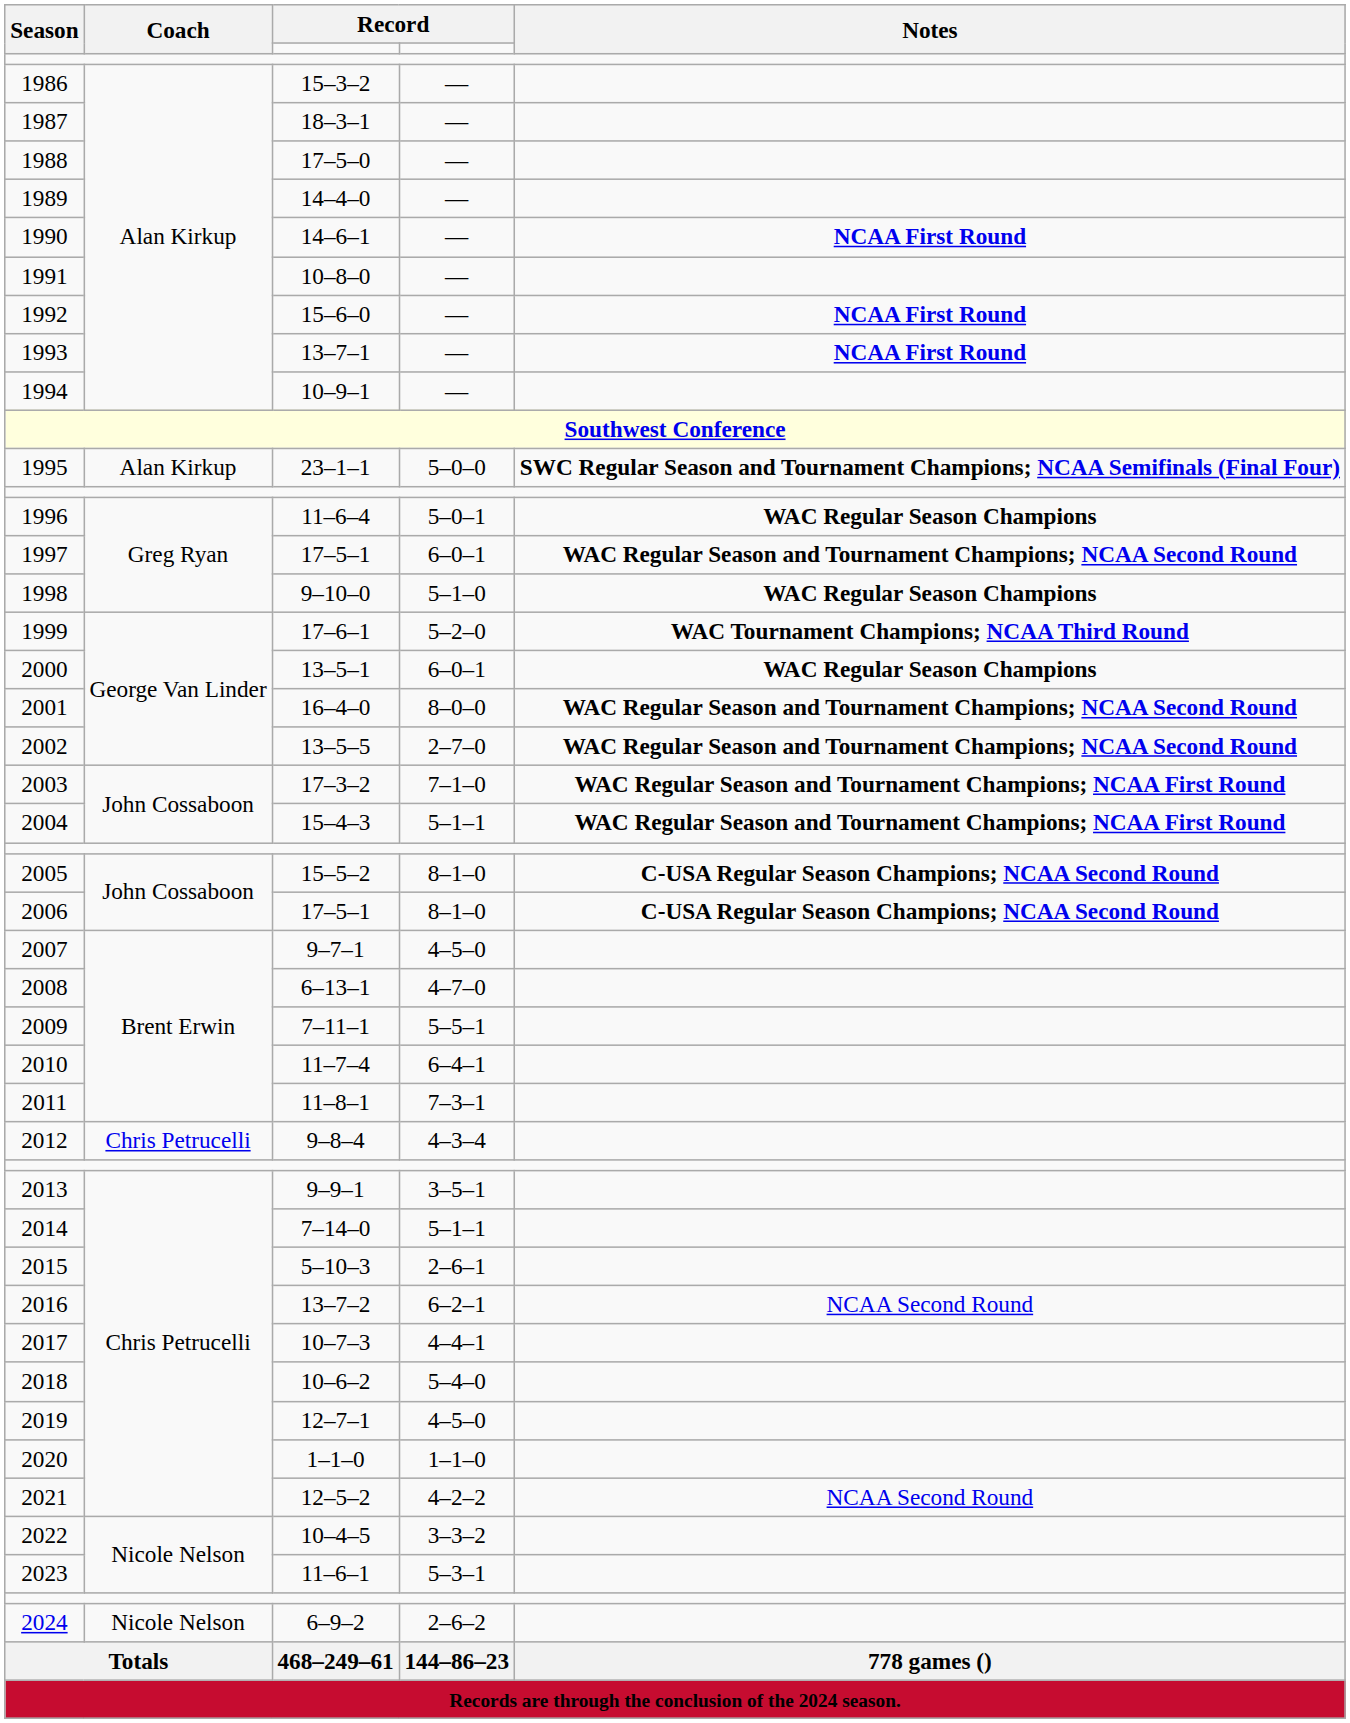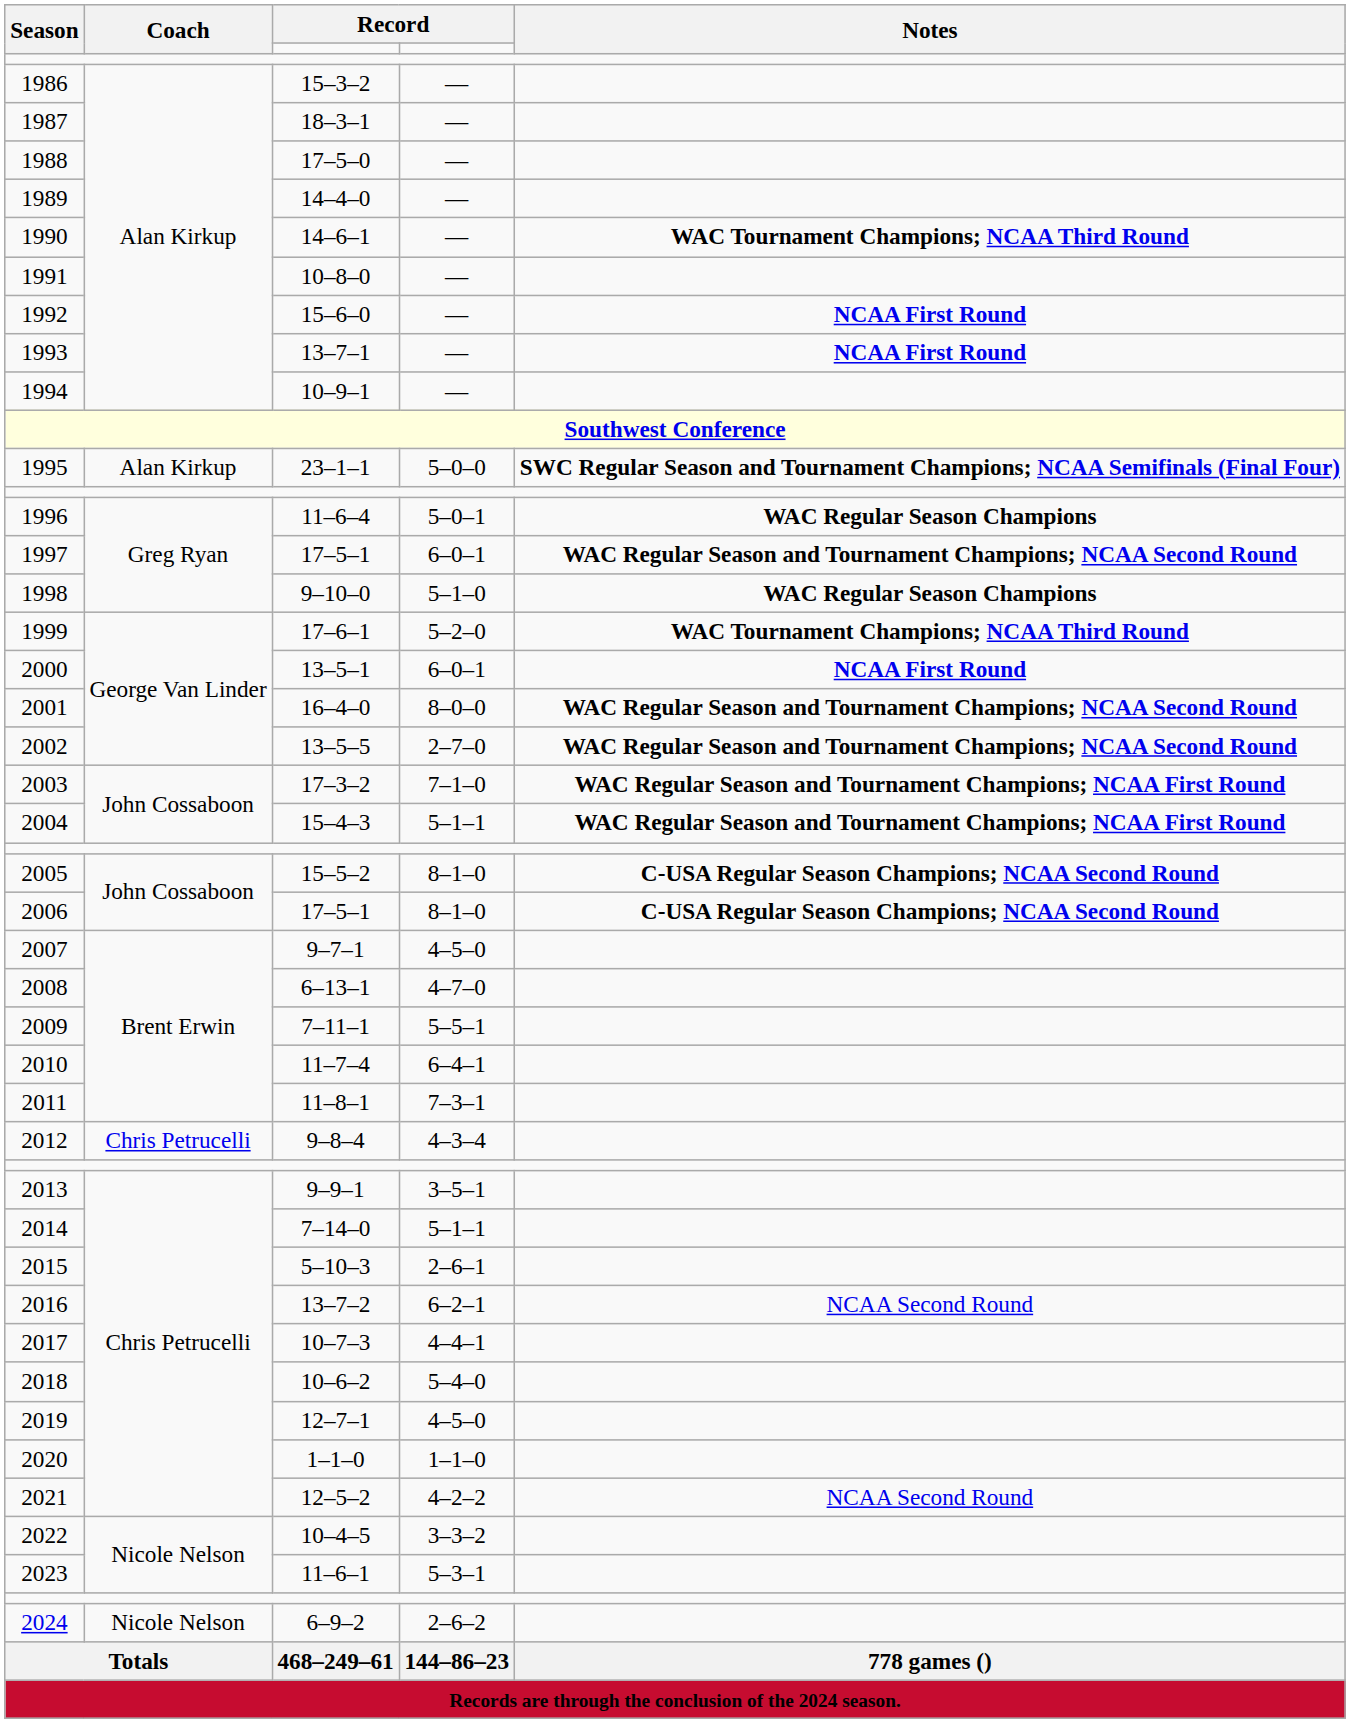 <table class="wikitable" style="font-size: 95%">
 <tr>
 <th rowspan="2">Season</th>
 <th rowspan="2">Coach</th>
 <th colspan="2">Record</th>
 <th rowspan="2">Notes</th>
 </tr>
 <tr>
 <td></td>
 <td></td>
 </tr>
 <tr>
 <td colspan=5><strong><a href='#'></a></strong></td>
 </tr>
 <tr>
 <td align="center">1986</td>
 <td align="center" rowspan=9>Alan Kirkup</td>
 <td align="center">15–3–2</td>
 <td align="center">—</td>
 <td align="center"></td>
 </tr>
 <tr>
 <td align="center">1987</td>
 <td align="center">18–3–1</td>
 <td align="center">—</td>
 <td align="center"></td>
 </tr>
 <tr>
 <td align="center">1988</td>
 <td align="center">17–5–0</td>
 <td align="center">—</td>
 <td align="center"></td>
 </tr>
 <tr>
 <td align="center">1989</td>
 <td align="center">14–4–0</td>
 <td align="center">—</td>
 <td align="center"></td>
 </tr>
 <tr>
 <td align="center">1990</td>
 <td align="center">14–6–1</td>
 <td align="center">—</td>
-<td align="center"><strong><a href='#'>NCAA First Round</a></strong></td>
+<td align="center"><strong>WAC Tournament Champions; <a href='#'>NCAA Third Round</a></strong></td>
 </tr>
 <tr>
 <td align="center">1991</td>
 <td align="center">10–8–0</td>
 <td align="center">—</td>
 <td align="center"></td>
 </tr>
 <tr>
 <td align="center">1992</td>
 <td align="center">15–6–0</td>
 <td align="center">—</td>
 <td align="center"><strong><a href='#'>NCAA First Round</a></strong></td>
 </tr>
 <tr>
 <td align="center">1993</td>
 <td align="center">13–7–1</td>
 <td align="center">—</td>
 <td align="center"><strong><a href='#'>NCAA First Round</a></strong></td>
 </tr>
 <tr>
 <td align="center">1994</td>
 <td align="center">10–9–1</td>
 <td align="center">—</td>
 <td align="center"></td>
 </tr>
 <tr style="background: #ffffdd;">
 <td colspan="5" style="text-align:center;"><strong><a href='#'>Southwest Conference</a></strong></td>
 </tr>
 <tr>
 <td align="center">1995</td>
 <td align="center" rowspan=1>Alan Kirkup</td>
 <td align="center">23–1–1</td>
 <td align="center">5–0–0</td>
 <td align="center"><strong>SWC Regular Season and Tournament Champions; <a href='#'>NCAA Semifinals (Final Four)</a></strong></td>
 </tr>
 <tr>
 <td colspan=5><strong><a href='#'></a></strong></td>
 </tr>
 <tr>
 <td align="center">1996</td>
 <td align="center" rowspan=3>Greg Ryan</td>
 <td align="center">11–6–4</td>
 <td align="center">5–0–1</td>
 <td align="center"><strong>WAC Regular Season Champions</strong></td>
 </tr>
 <tr>
 <td align="center">1997</td>
 <td align="center">17–5–1</td>
 <td align="center">6–0–1</td>
 <td align="center"><strong>WAC Regular Season and Tournament Champions; <a href='#'>NCAA Second Round</a></strong></td>
 </tr>
 <tr>
 <td align="center">1998</td>
 <td align="center">9–10–0</td>
 <td align="center">5–1–0</td>
 <td align="center"><strong>WAC Regular Season Champions</strong></td>
 </tr>
 <tr>
 <td align="center">1999</td>
 <td align="center" rowspan=4>George Van Linder</td>
 <td align="center">17–6–1</td>
 <td align="center">5–2–0</td>
 <td align="center"><strong>WAC Tournament Champions; <a href='#'>NCAA Third Round</a></strong></td>
 </tr>
 <tr>
 <td align="center">2000</td>
 <td align="center">13–5–1</td>
 <td align="center">6–0–1</td>
-<td align="center"><strong>WAC Regular Season Champions</strong></td>
+<td align="center"><strong><a href='#'>NCAA First Round</a></strong></td>
 </tr>
 <tr>
 <td align="center">2001</td>
 <td align="center">16–4–0</td>
 <td align="center">8–0–0</td>
 <td align="center"><strong>WAC Regular Season and Tournament Champions; <a href='#'>NCAA Second Round</a></strong></td>
 </tr>
 <tr>
 <td align="center">2002</td>
 <td align="center">13–5–5</td>
 <td align="center">2–7–0</td>
 <td align="center"><strong>WAC Regular Season and Tournament Champions; <a href='#'>NCAA Second Round</a></strong></td>
 </tr>
 <tr>
 <td align="center">2003</td>
 <td align="center" rowspan=2>John Cossaboon</td>
 <td align="center">17–3–2</td>
 <td align="center">7–1–0</td>
 <td align="center"><strong>WAC Regular Season and Tournament Champions; <a href='#'>NCAA First Round</a></strong></td>
 </tr>
 <tr>
 <td align="center">2004</td>
 <td align="center">15–4–3</td>
 <td align="center">5–1–1</td>
 <td align="center"><strong>WAC Regular Season and Tournament Champions; <a href='#'>NCAA First Round</a></strong></td>
 </tr>
 <tr>
 <td colspan=5><strong><a href='#'></a></strong></td>
 </tr>
 <tr>
 <td align="center">2005</td>
 <td align="center" rowspan=2>John Cossaboon</td>
 <td align="center">15–5–2</td>
 <td align="center">8–1–0</td>
 <td align="center"><strong>C-USA Regular Season Champions; <a href='#'>NCAA Second Round</a></strong></td>
 </tr>
 <tr>
 <td align="center">2006</td>
 <td align="center">17–5–1</td>
 <td align="center">8–1–0</td>
 <td align="center"><strong>C-USA Regular Season Champions; <a href='#'>NCAA Second Round</a></strong></td>
 </tr>
 <tr>
 <td align="center">2007</td>
 <td align="center" rowspan=5>Brent Erwin</td>
 <td align="center">9–7–1</td>
 <td align="center">4–5–0</td>
 <td align="center"></td>
 </tr>
 <tr>
 <td align="center">2008</td>
 <td align="center">6–13–1</td>
 <td align="center">4–7–0</td>
 <td align="center"></td>
 </tr>
 <tr>
 <td align="center">2009</td>
 <td align="center">7–11–1</td>
 <td align="center">5–5–1</td>
 <td align="center"></td>
 </tr>
 <tr>
 <td align="center">2010</td>
 <td align="center">11–7–4</td>
 <td align="center">6–4–1</td>
 <td align="center"></td>
 </tr>
 <tr>
 <td align="center">2011</td>
 <td align="center">11–8–1</td>
 <td align="center">7–3–1</td>
 <td align="center"></td>
 </tr>
 <tr>
 <td align="center">2012</td>
 <td align="center" rowspan=1><a href='#'>Chris Petrucelli</a></td>
 <td align="center">9–8–4</td>
 <td align="center">4–3–4</td>
 <td align="center"></td>
 </tr>
 <tr>
 <td colspan=5><strong><a href='#'></a></strong></td>
 </tr>
 <tr>
 <td align="center">2013</td>
 <td rowspan="9" align="center">Chris Petrucelli</td>
 <td align="center">9–9–1</td>
 <td align="center">3–5–1</td>
 <td align="center"></td>
 </tr>
 <tr>
 <td align="center">2014</td>
 <td align="center">7–14–0</td>
 <td align="center">5–1–1</td>
 <td align="center"></td>
 </tr>
 <tr>
 <td align="center">2015</td>
 <td align="center">5–10–3</td>
 <td align="center">2–6–1</td>
 <td align="center"></td>
 </tr>
 <tr>
 <td align="center">2016</td>
 <td align="center">13–7–2</td>
 <td align="center">6–2–1</td>
 <td align="center"><a href='#'>NCAA Second Round</a></td>
 </tr>
 <tr>
 <td align="center">2017</td>
 <td align="center">10–7–3</td>
 <td align="center">4–4–1</td>
 <td align="center"></td>
 </tr>
 <tr>
 <td align="center">2018</td>
 <td align="center">10–6–2</td>
 <td align="center">5–4–0</td>
 <td align="center"></td>
 </tr>
 <tr>
 <td align="center">2019</td>
 <td align="center">12–7–1</td>
 <td align="center">4–5–0</td>
 <td align="center"></td>
 </tr>
 <tr>
 <td align="center">2020</td>
 <td align="center">1–1–0</td>
 <td align="center">1–1–0</td>
 <td align="center"></td>
 </tr>
 <tr>
 <td align="center">2021</td>
 <td align="center">12–5–2</td>
 <td align="center">4–2–2</td>
 <td align="center"><a href='#'>NCAA Second Round</a></td>
 </tr>
 <tr>
 <td align="center">2022</td>
 <td rowspan="2" align="center">Nicole Nelson</td>
 <td align="center">10–4–5</td>
 <td align="center">3–3–2</td>
 <td align="center"></td>
 </tr>
 <tr>
 <td align="center">2023</td>
 <td align="center">11–6–1</td>
 <td align="center">5–3–1</td>
 <td align="center"></td>
 </tr>
 <tr>
 <td colspan=5><strong><a href='#'></a></strong></td>
 </tr>
 <tr>
 <td align="center"><a href='#'>2024</a></td>
 <td align="center">Nicole Nelson</td>
 <td align="center">6–9–2</td>
 <td align="center">2–6–2</td>
 <td align="center"></td>
 </tr>
 <tr>
 <th align="center" rowSpan="1" colSpan="2">Totals</th>
 <th align="center">468–249–61</th>
 <th align="center">144–86–23</th>
 <th colSpan="2" align="center"><strong>778 games ()</strong></th>
 </tr>
 <tr>
 <td align="center" Colspan="5" style="background:#C60C30;"><span><small><strong>Records are through the conclusion of the 2024 season.</strong></small></span></td>
 </tr>
 <tr>
 </tr>
 </table>
